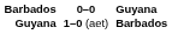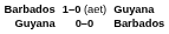 <table width=100% cellspacing=1 style=font-size:90%>
 <tr>
 <th width=120></th>
 <th width=250></th>
 <th width=70></th>
 <th width=250></th>
 <th></th>
 </tr>
 <tr>
 <td align=right></td>
 <td align=right><strong>Barbados</strong></td>
-<td align=center><strong>0–0</strong></td>
+<td align=center><strong>1–0</strong> (aet)</td>
 <td><strong>Guyana</strong></td>
 </tr>
 <tr>
 <td align=right></td>
 <td align=right><strong>Guyana</strong></td>
-<td align=center><strong>1–0</strong> (aet)</td>
+<td align=center><strong>0–0</strong></td>
 <td><strong>Barbados</strong></td>
 </tr>
 <tr>
 </tr>
 </table>
